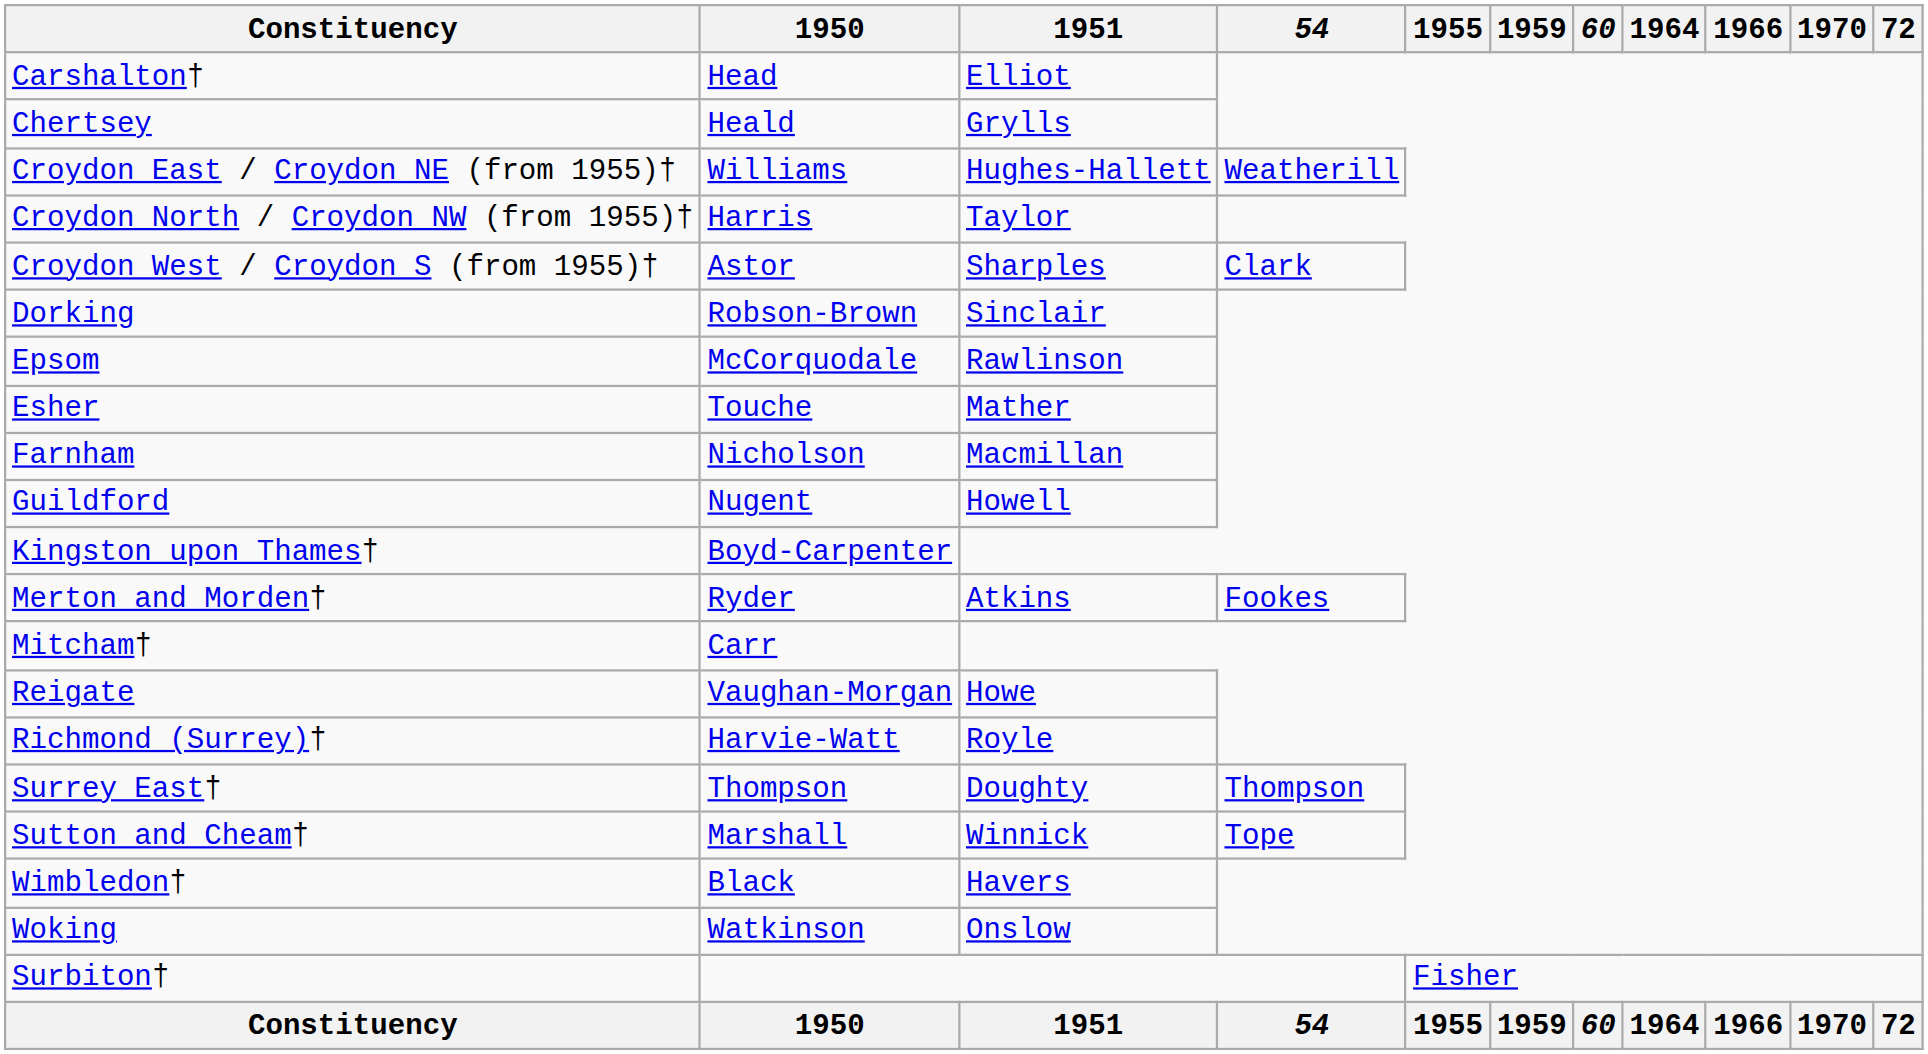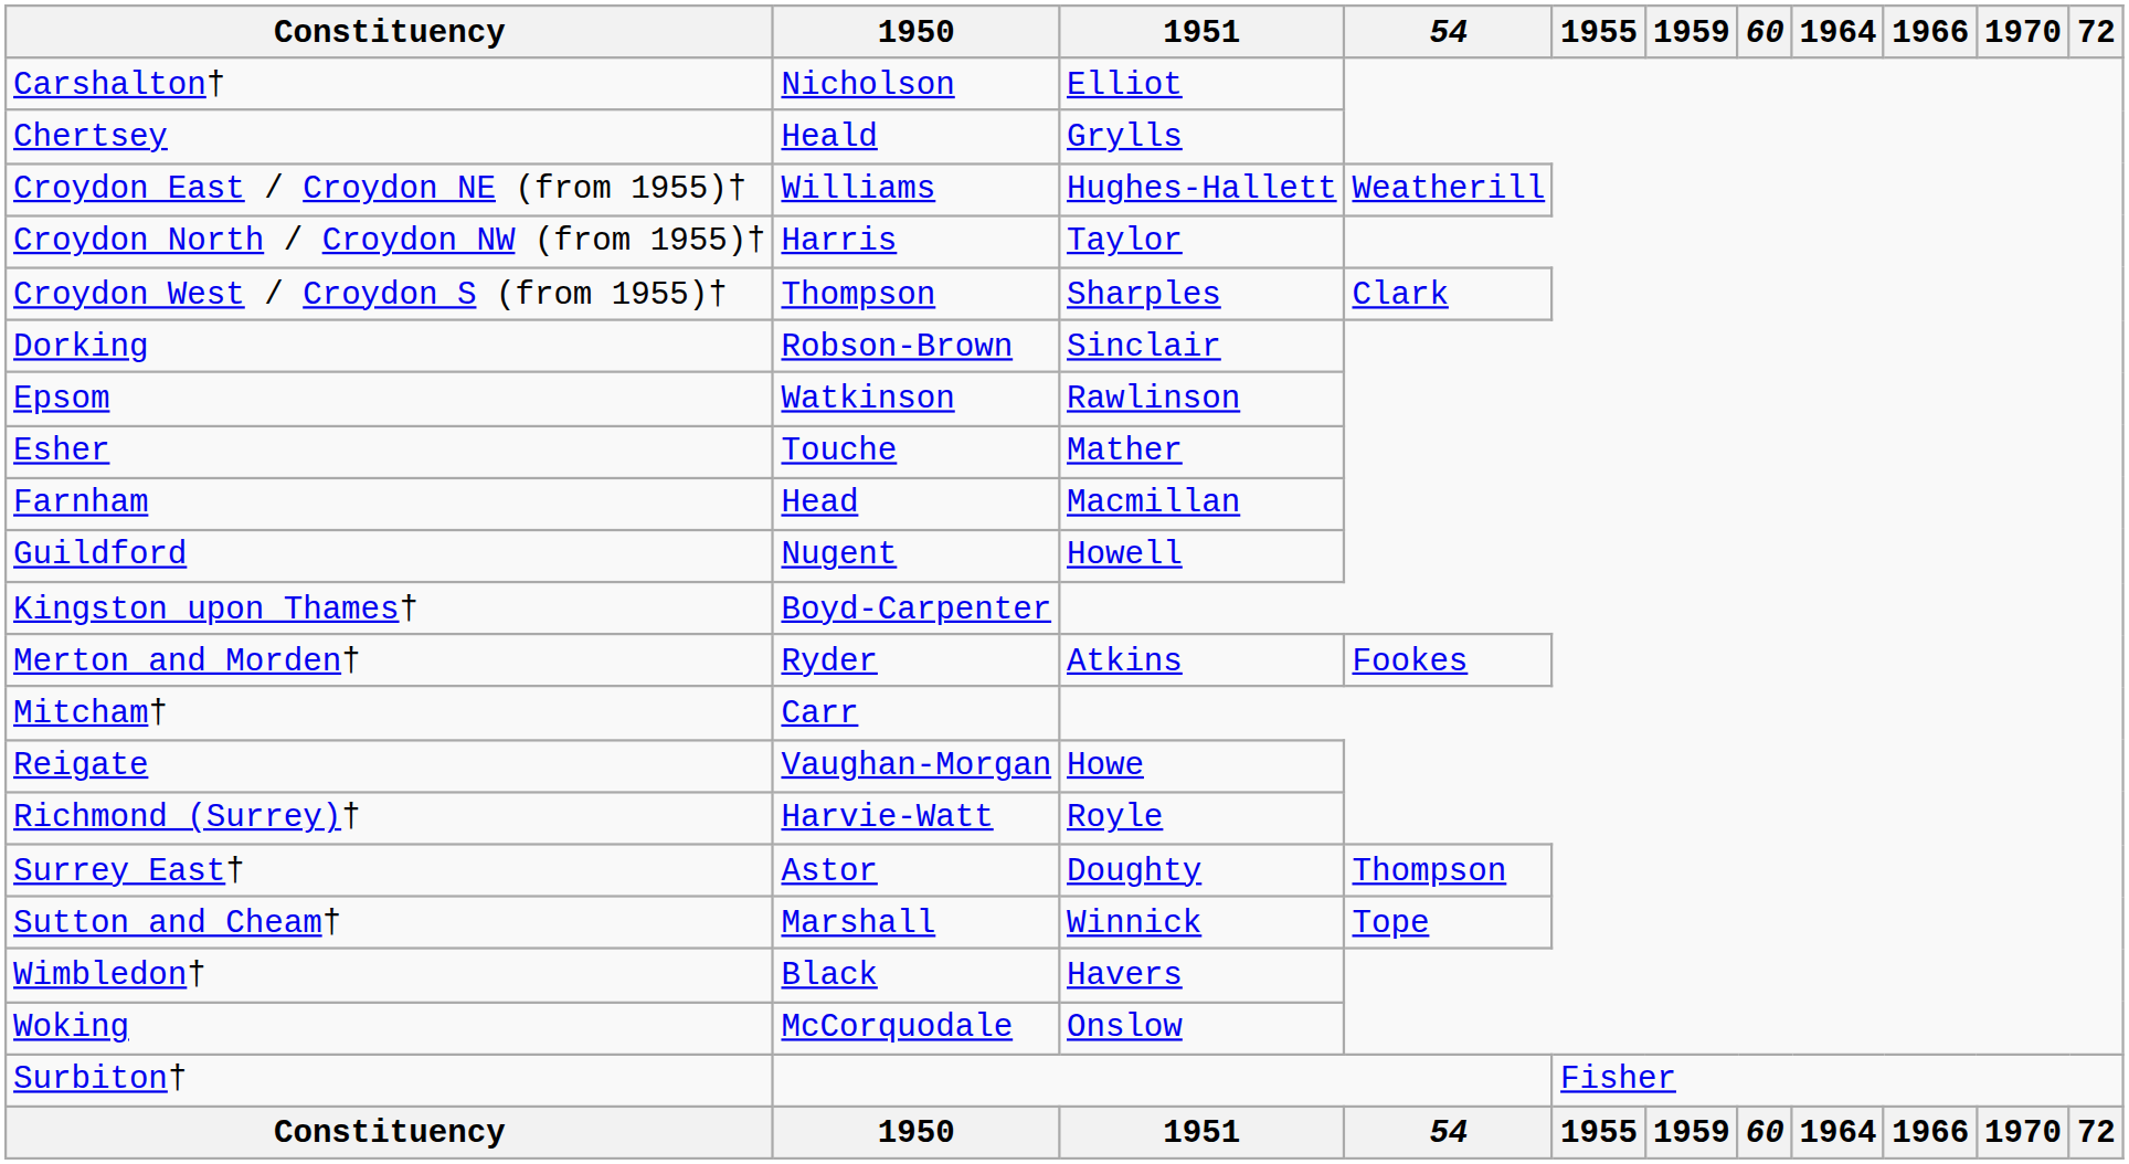 <table class="wikitable">
 <tr>
 <th>Constituency</th>
 <th>1950</th>
 <th>1951</th>
 <th><em>54</em></th>
 <th>1955</th>
 <th>1959</th>
 <th><em>60</em></th>
 <th>1964</th>
 <th>1966</th>
 <th>1970</th>
 <th>72</th>
 </tr>
 <tr>
 <td><a href='#'>Carshalton</a>†</td>
-<td><a href='#'>Head</a></td>
+<td><a href='#'>Nicholson</a></td>
 <td><a href='#'>Elliot</a></td>
 </tr>
 <tr>
 <td><a href='#'>Chertsey</a></td>
 <td><a href='#'>Heald</a></td>
 <td><a href='#'>Grylls</a></td>
 </tr>
 <tr>
 <td><a href='#'>Croydon East</a> / <a href='#'>Croydon NE</a> (from 1955)†</td>
 <td><a href='#'>Williams</a></td>
 <td><a href='#'>Hughes-Hallett</a></td>
 <td><a href='#'>Weatherill</a></td>
 </tr>
 <tr>
 <td><a href='#'>Croydon North</a> / <a href='#'>Croydon NW</a> (from 1955)†</td>
 <td><a href='#'>Harris</a></td>
 <td><a href='#'>Taylor</a></td>
 </tr>
 <tr>
 <td><a href='#'>Croydon West</a> / <a href='#'>Croydon S</a> (from 1955)†</td>
-<td><a href='#'>Astor</a></td>
+<td><a href='#'>Thompson</a></td>
 <td><a href='#'>Sharples</a></td>
 <td><a href='#'>Clark</a></td>
 </tr>
 <tr>
 <td><a href='#'>Dorking</a></td>
 <td><a href='#'>Robson-Brown</a></td>
 <td><a href='#'>Sinclair</a></td>
 </tr>
 <tr>
 <td><a href='#'>Epsom</a></td>
-<td><a href='#'>McCorquodale</a></td>
+<td><a href='#'>Watkinson</a></td>
 <td><a href='#'>Rawlinson</a></td>
 </tr>
 <tr>
 <td><a href='#'>Esher</a></td>
 <td><a href='#'>Touche</a></td>
 <td><a href='#'>Mather</a></td>
 </tr>
 <tr>
 <td><a href='#'>Farnham</a></td>
-<td><a href='#'>Nicholson</a></td>
+<td><a href='#'>Head</a></td>
 <td><a href='#'>Macmillan</a></td>
 </tr>
 <tr>
 <td><a href='#'>Guildford</a></td>
 <td><a href='#'>Nugent</a></td>
 <td><a href='#'>Howell</a></td>
 </tr>
 <tr>
 <td><a href='#'>Kingston upon Thames</a>†</td>
 <td><a href='#'>Boyd-Carpenter</a></td>
 </tr>
 <tr>
 <td><a href='#'>Merton and Morden</a>†</td>
 <td><a href='#'>Ryder</a></td>
 <td><a href='#'>Atkins</a></td>
 <td><a href='#'>Fookes</a></td>
 </tr>
 <tr>
 <td><a href='#'>Mitcham</a>†</td>
 <td><a href='#'>Carr</a></td>
 </tr>
 <tr>
 <td><a href='#'>Reigate</a></td>
 <td><a href='#'>Vaughan-Morgan</a></td>
 <td><a href='#'>Howe</a></td>
 </tr>
 <tr>
 <td><a href='#'>Richmond (Surrey)</a>†</td>
 <td><a href='#'>Harvie-Watt</a></td>
 <td><a href='#'>Royle</a></td>
 </tr>
 <tr>
 <td><a href='#'>Surrey East</a>†</td>
-<td><a href='#'>Thompson</a></td>
+<td><a href='#'>Astor</a></td>
 <td><a href='#'>Doughty</a></td>
 <td><a href='#'>Thompson</a></td>
 </tr>
 <tr>
 <td><a href='#'>Sutton and Cheam</a>†</td>
 <td><a href='#'>Marshall</a></td>
 <td><a href='#'>Winnick</a></td>
 <td><a href='#'>Tope</a></td>
 </tr>
 <tr>
 <td><a href='#'>Wimbledon</a>†</td>
 <td><a href='#'>Black</a></td>
 <td><a href='#'>Havers</a></td>
 </tr>
 <tr>
 <td><a href='#'>Woking</a></td>
-<td><a href='#'>Watkinson</a></td>
+<td><a href='#'>McCorquodale</a></td>
 <td><a href='#'>Onslow</a></td>
 </tr>
 <tr>
 <td><a href='#'>Surbiton</a>†</td>
 <td colspan="3"></td>
 <td colspan="7"><a href='#'>Fisher</a></td>
 </tr>
 <tr>
 <th>Constituency</th>
 <th>1950</th>
 <th>1951</th>
 <th><em>54</em></th>
 <th>1955</th>
 <th>1959</th>
 <th><em>60</em></th>
 <th>1964</th>
 <th>1966</th>
 <th>1970</th>
 <th>72</th>
 </tr>
 </table>
